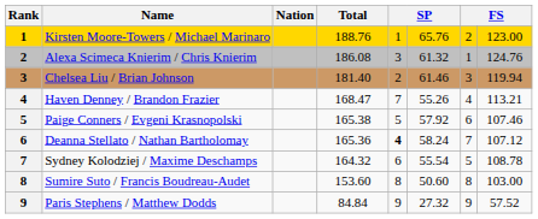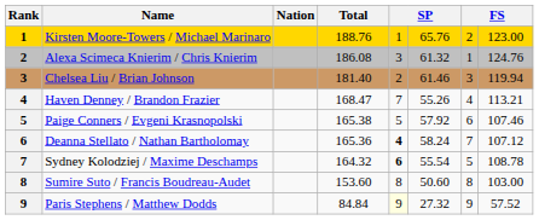 <table class="wikitable sortable">
 <tr>
 <th>Rank</th>
 <th>Name</th>
 <th>Nation</th>
 <th width="80px">Total</th>
 <th colspan="2" width="80px"><a href='#'>SP</a></th>
 <th colspan="2" width="80px"><a href='#'>FS</a></th>
 </tr>
 <tr bgcolor="gold">
 <td align="center"><strong>1</strong></td>
 <td><a href='#'>Kirsten Moore-Towers</a> / <a href='#'>Michael Marinaro</a></td>
 <td></td>
 <td align="center">188.76</td>
 <td align="center">1</td>
 <td align="center">65.76</td>
 <td align="center">2</td>
 <td align="center">123.00</td>
 </tr>
 <tr bgcolor="silver">
 <td align="center"><strong>2</strong></td>
 <td><a href='#'>Alexa Scimeca Knierim</a> / <a href='#'>Chris Knierim</a></td>
 <td></td>
 <td align="center">186.08</td>
 <td align="center">3</td>
 <td align="center">61.32</td>
 <td align="center">1</td>
 <td align="center">124.76</td>
 </tr>
 <tr bgcolor="cc9966">
 <td align="center"><strong>3</strong></td>
 <td><a href='#'>Chelsea Liu</a> / <a href='#'>Brian Johnson</a></td>
 <td></td>
 <td align="center">181.40</td>
 <td align="center">2</td>
 <td align="center">61.46</td>
 <td align="center">3</td>
 <td align="center">119.94</td>
 </tr>
 <tr>
 <th>4</th>
 <td><a href='#'>Haven Denney</a> / <a href='#'>Brandon Frazier</a></td>
 <td></td>
 <td align="center">168.47</td>
 <td align="center">7</td>
 <td align="center">55.26</td>
 <td align="center">4</td>
 <td align="center">113.21</td>
 </tr>
 <tr>
 <th>5</th>
 <td><a href='#'>Paige Conners</a> / <a href='#'>Evgeni Krasnopolski</a></td>
 <td></td>
 <td align="center">165.38</td>
 <td align="center">5</td>
 <td align="center">57.92</td>
 <td align="center">6</td>
 <td align="center">107.46</td>
 </tr>
 <tr>
 <th>6</th>
 <td><a href='#'>Deanna Stellato</a> / <a href='#'>Nathan Bartholomay</a></td>
 <td></td>
 <td align="center">165.36</td>
 <td align="center"><strong>4</strong></td>
 <td align="center">58.24</td>
 <td align="center">7</td>
 <td align="center">107.12</td>
 </tr>
 <tr>
 <th>7</th>
 <td>Sydney Kolodziej / <a href='#'>Maxime Deschamps</a></td>
 <td></td>
 <td align="center">164.32</td>
-<td align="center">6</td>
+<td align="center"><strong>6</strong></td>
 <td align="center">55.54</td>
 <td align="center">5</td>
 <td align="center">108.78</td>
 </tr>
 <tr>
 <th>8</th>
 <td><a href='#'>Sumire Suto</a> / <a href='#'>Francis Boudreau-Audet</a></td>
 <td></td>
 <td align="center">153.60</td>
 <td align="center">8</td>
 <td align="center">50.60</td>
 <td align="center">8</td>
 <td align="center">103.00</td>
 </tr>
 <tr>
 <th>9</th>
 <td><a href='#'>Paris Stephens</a> / <a href='#'>Matthew Dodds</a></td>
 <td></td>
 <td align="center">84.84</td>
-<td align="center">9</td>
+<td align="center" style="background: lightyellow;">9</td>
 <td align="center">27.32</td>
 <td align="center">9</td>
 <td align="center">57.52</td>
 </tr>
 </table>
